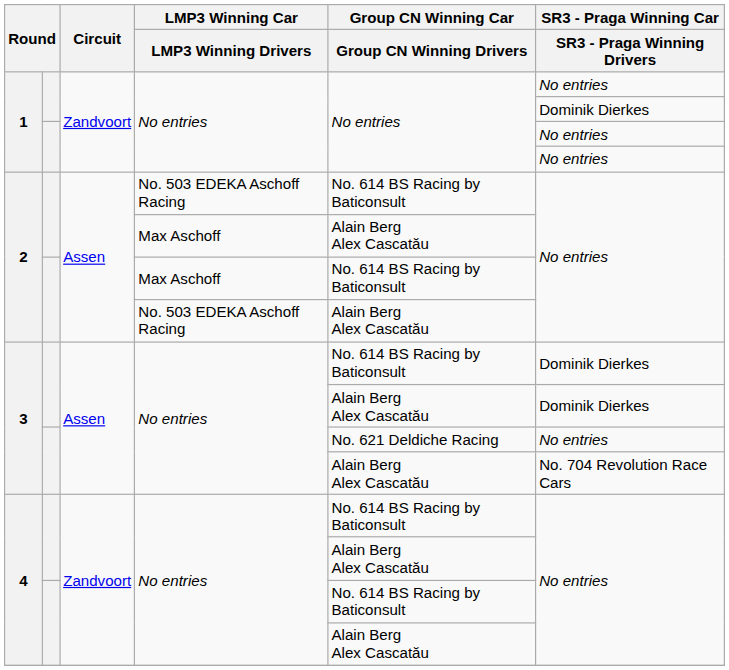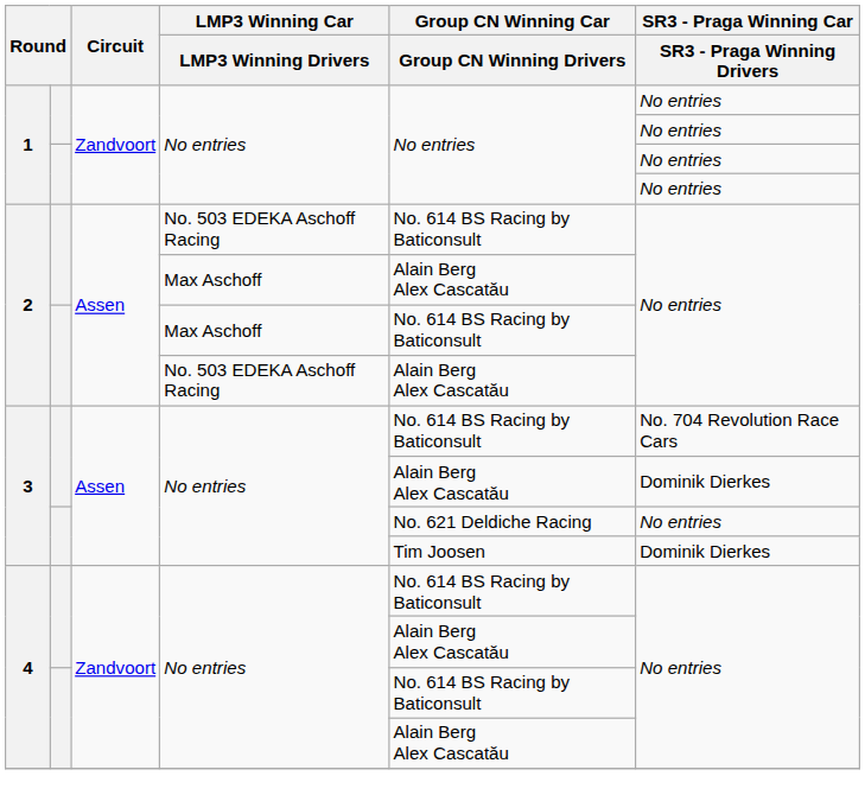 <table class="wikitable" style="font-size: 80%;">
 <tr>
 <th rowspan=2 colspan=2>Round</th>
 <th rowspan=2>Circuit</th>
 <th>LMP3 Winning Car</th>
 <th>Group CN Winning Car</th>
 <th>SR3 - Praga Winning Car</th>
 </tr>
 <tr>
 <th>LMP3 Winning Drivers</th>
 <th>Group CN Winning Drivers</th>
 <th>SR3 - Praga Winning Drivers</th>
 </tr>
 <tr>
 <th rowspan=4>1</th>
 <th rowspan=2></th>
 <td rowspan=4> <a href='#'>Zandvoort</a></td>
 <td rowspan=4><em>No entries</em></td>
 <td rowspan=4><em>No entries</em></td>
 <td><em>No entries</em></td>
 </tr>
 <tr>
-<td> Dominik Dierkes</td>
+<td><em>No entries</em></td>
 </tr>
 <tr>
 <th rowspan=2></th>
 <td><em>No entries</em></td>
 </tr>
 <tr>
 <td><em>No entries</em></td>
 </tr>
 <tr>
 <th rowspan=4>2</th>
 <th rowspan=2></th>
 <td rowspan=4> <a href='#'>Assen</a></td>
 <td> No. 503 EDEKA Aschoff Racing</td>
 <td> No. 614 BS Racing by Baticonsult</td>
 <td rowspan=4><em>No entries</em></td>
 </tr>
 <tr>
 <td> Max Aschoff</td>
 <td> Alain Berg<br> Alex Cascatău</td>
 </tr>
 <tr>
 <th rowspan=2></th>
 <td> Max Aschoff</td>
 <td> No. 614 BS Racing by Baticonsult</td>
 </tr>
 <tr>
 <td> No. 503 EDEKA Aschoff Racing</td>
 <td> Alain Berg<br> Alex Cascatău</td>
 </tr>
 <tr>
 <th rowspan=4>3</th>
 <th rowspan=2></th>
 <td rowspan=4> <a href='#'>Assen</a></td>
 <td rowspan=4><em>No entries</em></td>
 <td> No. 614 BS Racing by Baticonsult</td>
-<td> Dominik Dierkes</td>
+<td> No. 704 Revolution Race Cars</td>
 </tr>
 <tr>
 <td> Alain Berg<br> Alex Cascatău</td>
 <td> Dominik Dierkes</td>
 </tr>
 <tr>
 <th rowspan=2></th>
 <td> No. 621 Deldiche Racing</td>
 <td><em>No entries</em></td>
 </tr>
 <tr>
-<td> Alain Berg<br> Alex Cascatău</td>
-<td> No. 704 Revolution Race Cars</td>
+<td> Tim Joosen</td>
+<td> Dominik Dierkes</td>
 </tr>
 <tr>
 <th rowspan=4>4</th>
 <th rowspan=2></th>
 <td rowspan=4> <a href='#'>Zandvoort</a></td>
 <td rowspan=4><em>No entries</em></td>
 <td> No. 614 BS Racing by Baticonsult</td>
 <td rowspan=4><em>No entries</em></td>
 </tr>
 <tr>
 <td> Alain Berg<br> Alex Cascatău</td>
 </tr>
 <tr>
 <th rowspan=2></th>
 <td> No. 614 BS Racing by Baticonsult</td>
 </tr>
 <tr>
 <td> Alain Berg<br> Alex Cascatău</td>
 </tr>
 <tr>
 </tr>
 </table>
